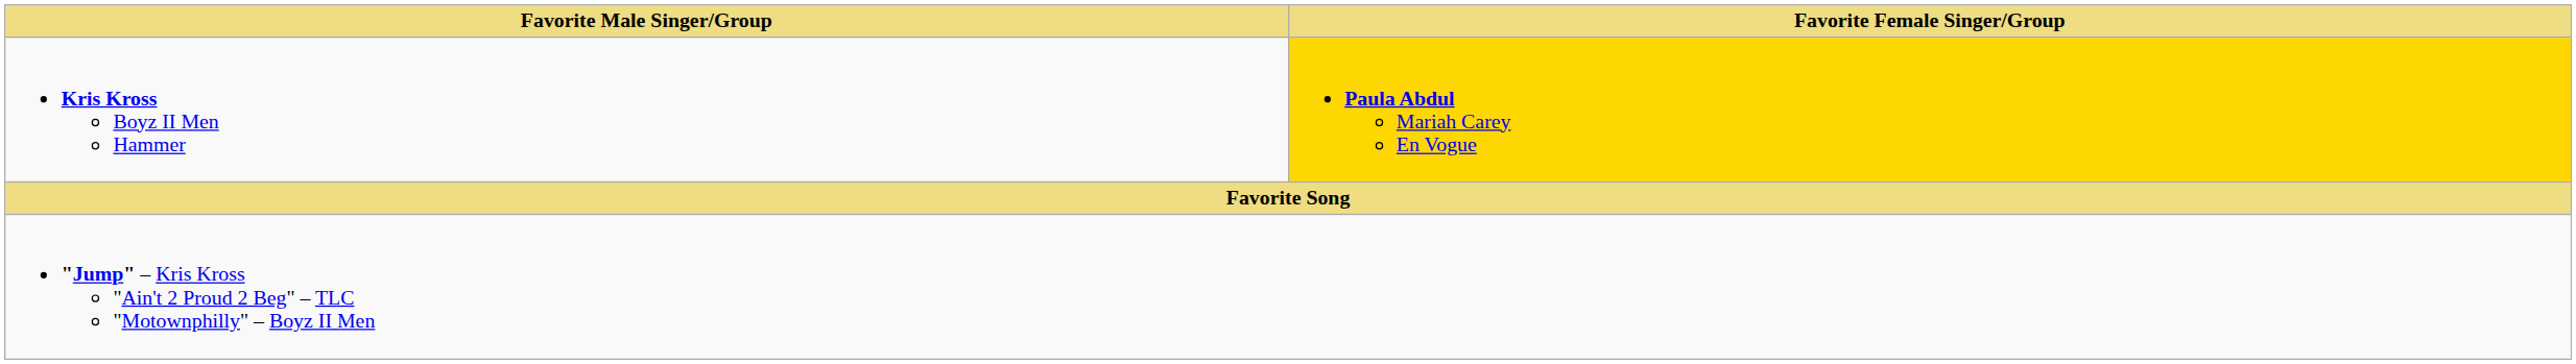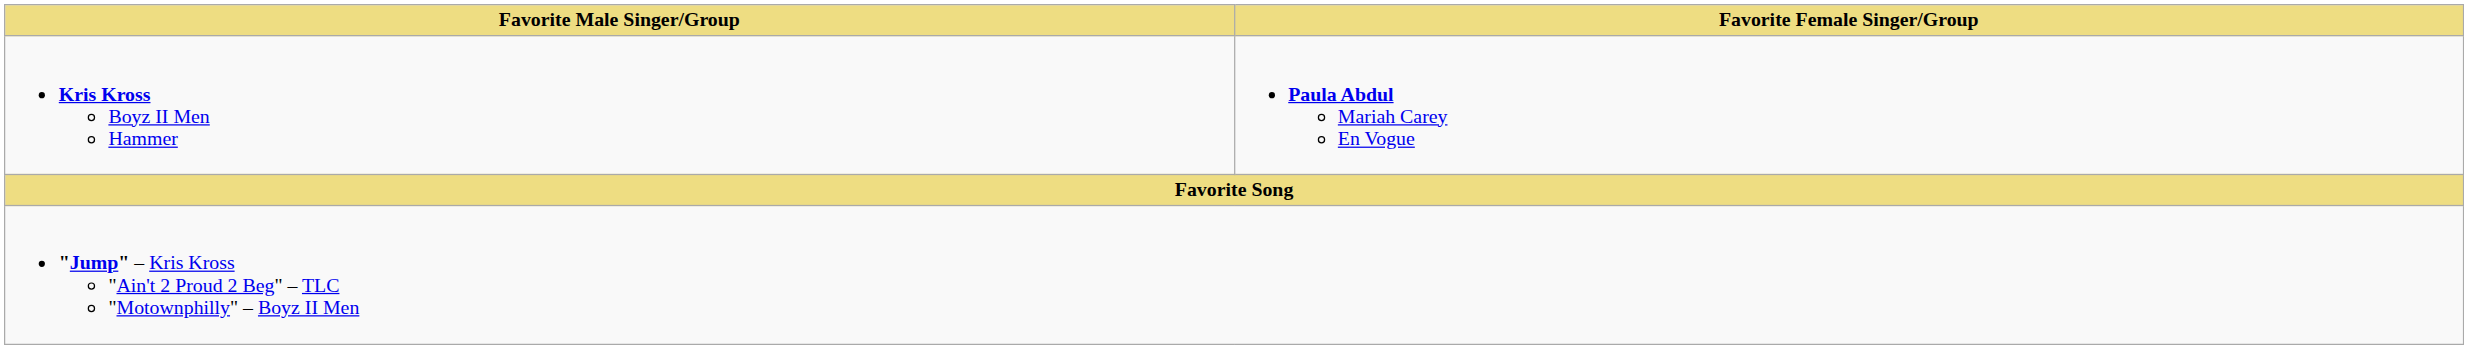 <table class="wikitable" style="width:100%">
 <tr>
 <th style="background:#EEDD82; width:50%">Favorite Male Singer/Group</th>
 <th style="background:#EEDD82; width:50%">Favorite Female Singer/Group</th>
 </tr>
 <tr>
 <td valign="top"><br><ul><li><strong><a href='#'>Kris Kross</a></strong><ul><li><a href='#'>Boyz II Men</a></li><li><a href='#'>Hammer</a></li></ul></li></ul></td>
-<td valign="top" style="background: gold;"><br><ul><li><strong><a href='#'>Paula Abdul</a></strong><ul><li><a href='#'>Mariah Carey</a></li><li><a href='#'>En Vogue</a></li></ul></li></ul></td>
+<td valign="top"><br><ul><li><strong><a href='#'>Paula Abdul</a></strong><ul><li><a href='#'>Mariah Carey</a></li><li><a href='#'>En Vogue</a></li></ul></li></ul></td>
 </tr>
 <tr>
 <th style="background:#EEDD82;" colspan="2">Favorite Song</th>
 </tr>
 <tr>
 <td colspan="2" valign="top"><br><ul><li><strong>"<a href='#'>Jump</a>"</strong> – <a href='#'>Kris Kross</a><ul><li>"<a href='#'>Ain't 2 Proud 2 Beg</a>" – <a href='#'>TLC</a></li><li>"<a href='#'>Motownphilly</a>" – <a href='#'>Boyz II Men</a></li></ul></li></ul></td>
 </tr>
 </table>
